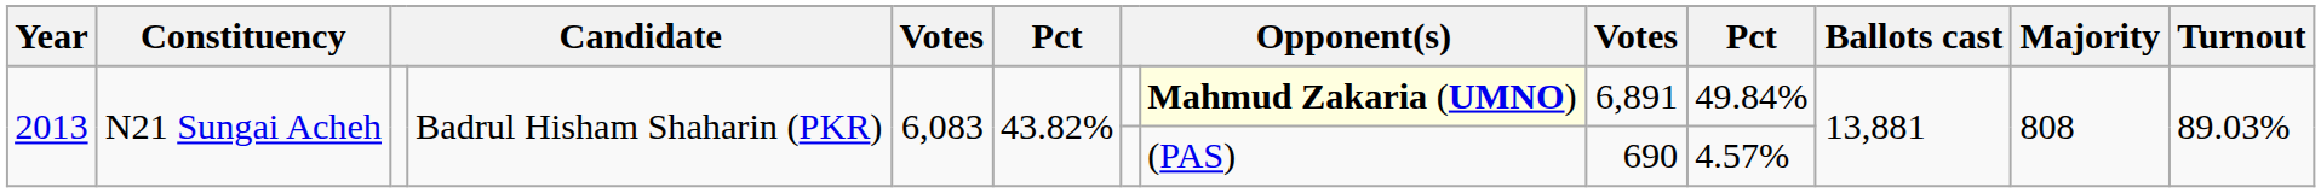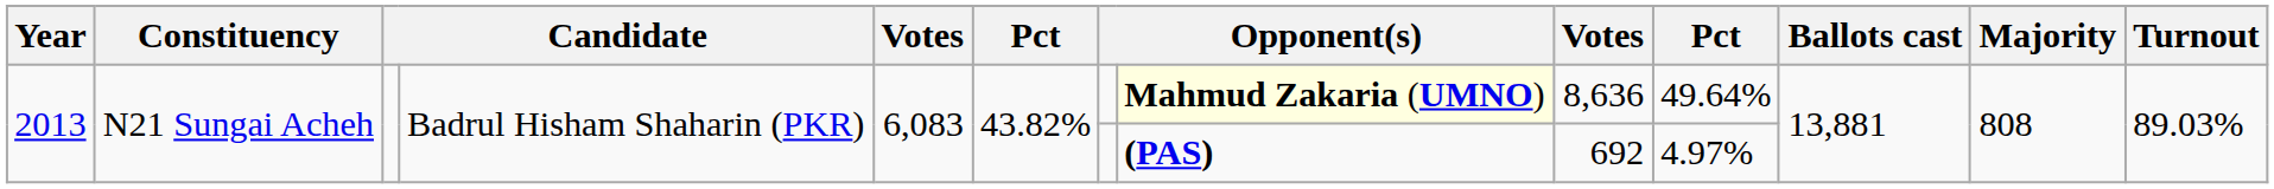 <table class="wikitable" style="margin:0.5em ; font-size:95%">
 <tr>
 <th>Year</th>
 <th>Constituency</th>
 <th colspan=2>Candidate</th>
 <th>Votes</th>
 <th>Pct</th>
 <th colspan=2>Opponent(s)</th>
 <th>Votes</th>
 <th>Pct</th>
 <th>Ballots cast</th>
 <th>Majority</th>
 <th>Turnout</th>
 </tr>
 <tr>
 <td rowspan=2><a href='#'>2013</a></td>
 <td rowspan=2>N21 <a href='#'>Sungai Acheh</a></td>
 <td rowspan=2 ></td>
 <td rowspan=2>Badrul Hisham Shaharin (<a href='#'>PKR</a>)</td>
 <td rowspan=2 align="right">6,083</td>
 <td rowspan=2>43.82%</td>
 <td></td>
 <td style="background: lightyellow;"><strong>Mahmud Zakaria</strong> (<a href='#'><strong>UMNO</strong></a>)</td>
-<td align="right">6,891</td>
-<td>49.84%</td>
+<td align="right">8,636</td>
+<td>49.64%</td>
 <td rowspan=2>13,881</td>
 <td rowspan=2>808</td>
 <td rowspan=2>89.03%</td>
 </tr>
 <tr>
 <td></td>
-<td> (<a href='#'>PAS</a>)</td>
-<td align="right">690</td>
-<td>4.57%</td>
+<td><strong> (<a href='#'>PAS</a>)</strong></td>
+<td align="right">692</td>
+<td>4.97%</td>
 </tr>
 </table>
